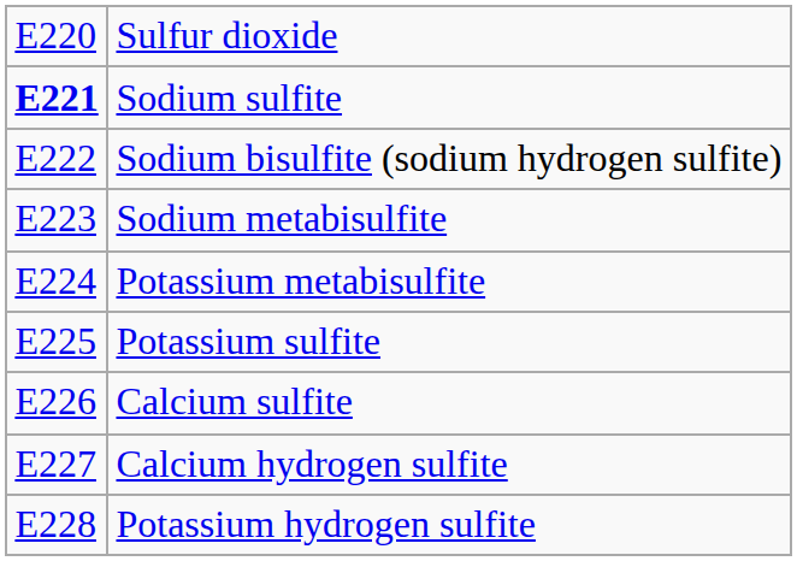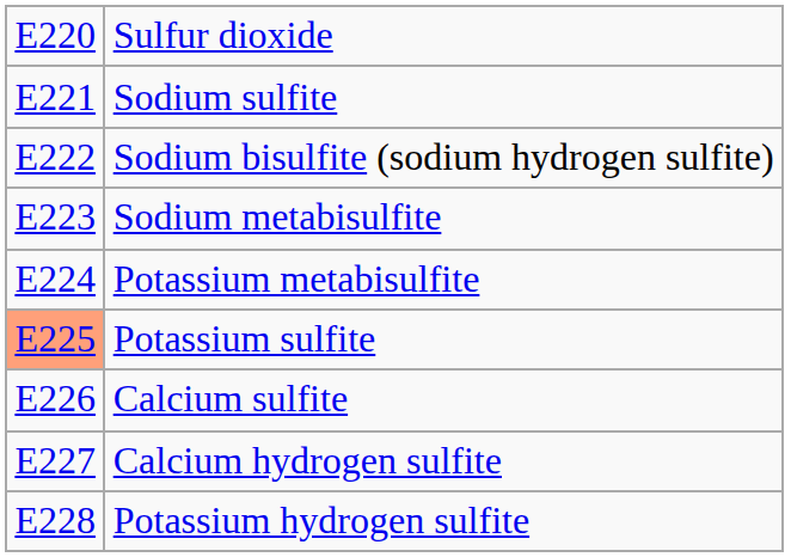 <table class="wikitable">
 <tr>
 <td><a href='#'>E220</a></td>
 <td><a href='#'>Sulfur dioxide</a></td>
 </tr>
 <tr>
-<td><strong><a href='#'>E221</a></strong></td>
+<td><a href='#'>E221</a></td>
 <td><a href='#'>Sodium sulfite</a></td>
 </tr>
 <tr>
 <td><a href='#'>E222</a></td>
 <td><a href='#'>Sodium bisulfite</a> (sodium hydrogen sulfite)</td>
 </tr>
 <tr>
 <td><a href='#'>E223</a></td>
 <td><a href='#'>Sodium metabisulfite</a></td>
 </tr>
 <tr>
 <td><a href='#'>E224</a></td>
 <td><a href='#'>Potassium metabisulfite</a></td>
 </tr>
 <tr>
-<td><a href='#'>E225</a></td>
+<td style="background: lightsalmon;"><a href='#'>E225</a></td>
 <td><a href='#'>Potassium sulfite</a></td>
 </tr>
 <tr>
 <td><a href='#'>E226</a></td>
 <td><a href='#'>Calcium sulfite</a></td>
 </tr>
 <tr>
 <td><a href='#'>E227</a></td>
 <td><a href='#'>Calcium hydrogen sulfite</a></td>
 </tr>
 <tr>
 <td><a href='#'>E228</a></td>
 <td><a href='#'>Potassium hydrogen sulfite</a></td>
 </tr>
 </table>
